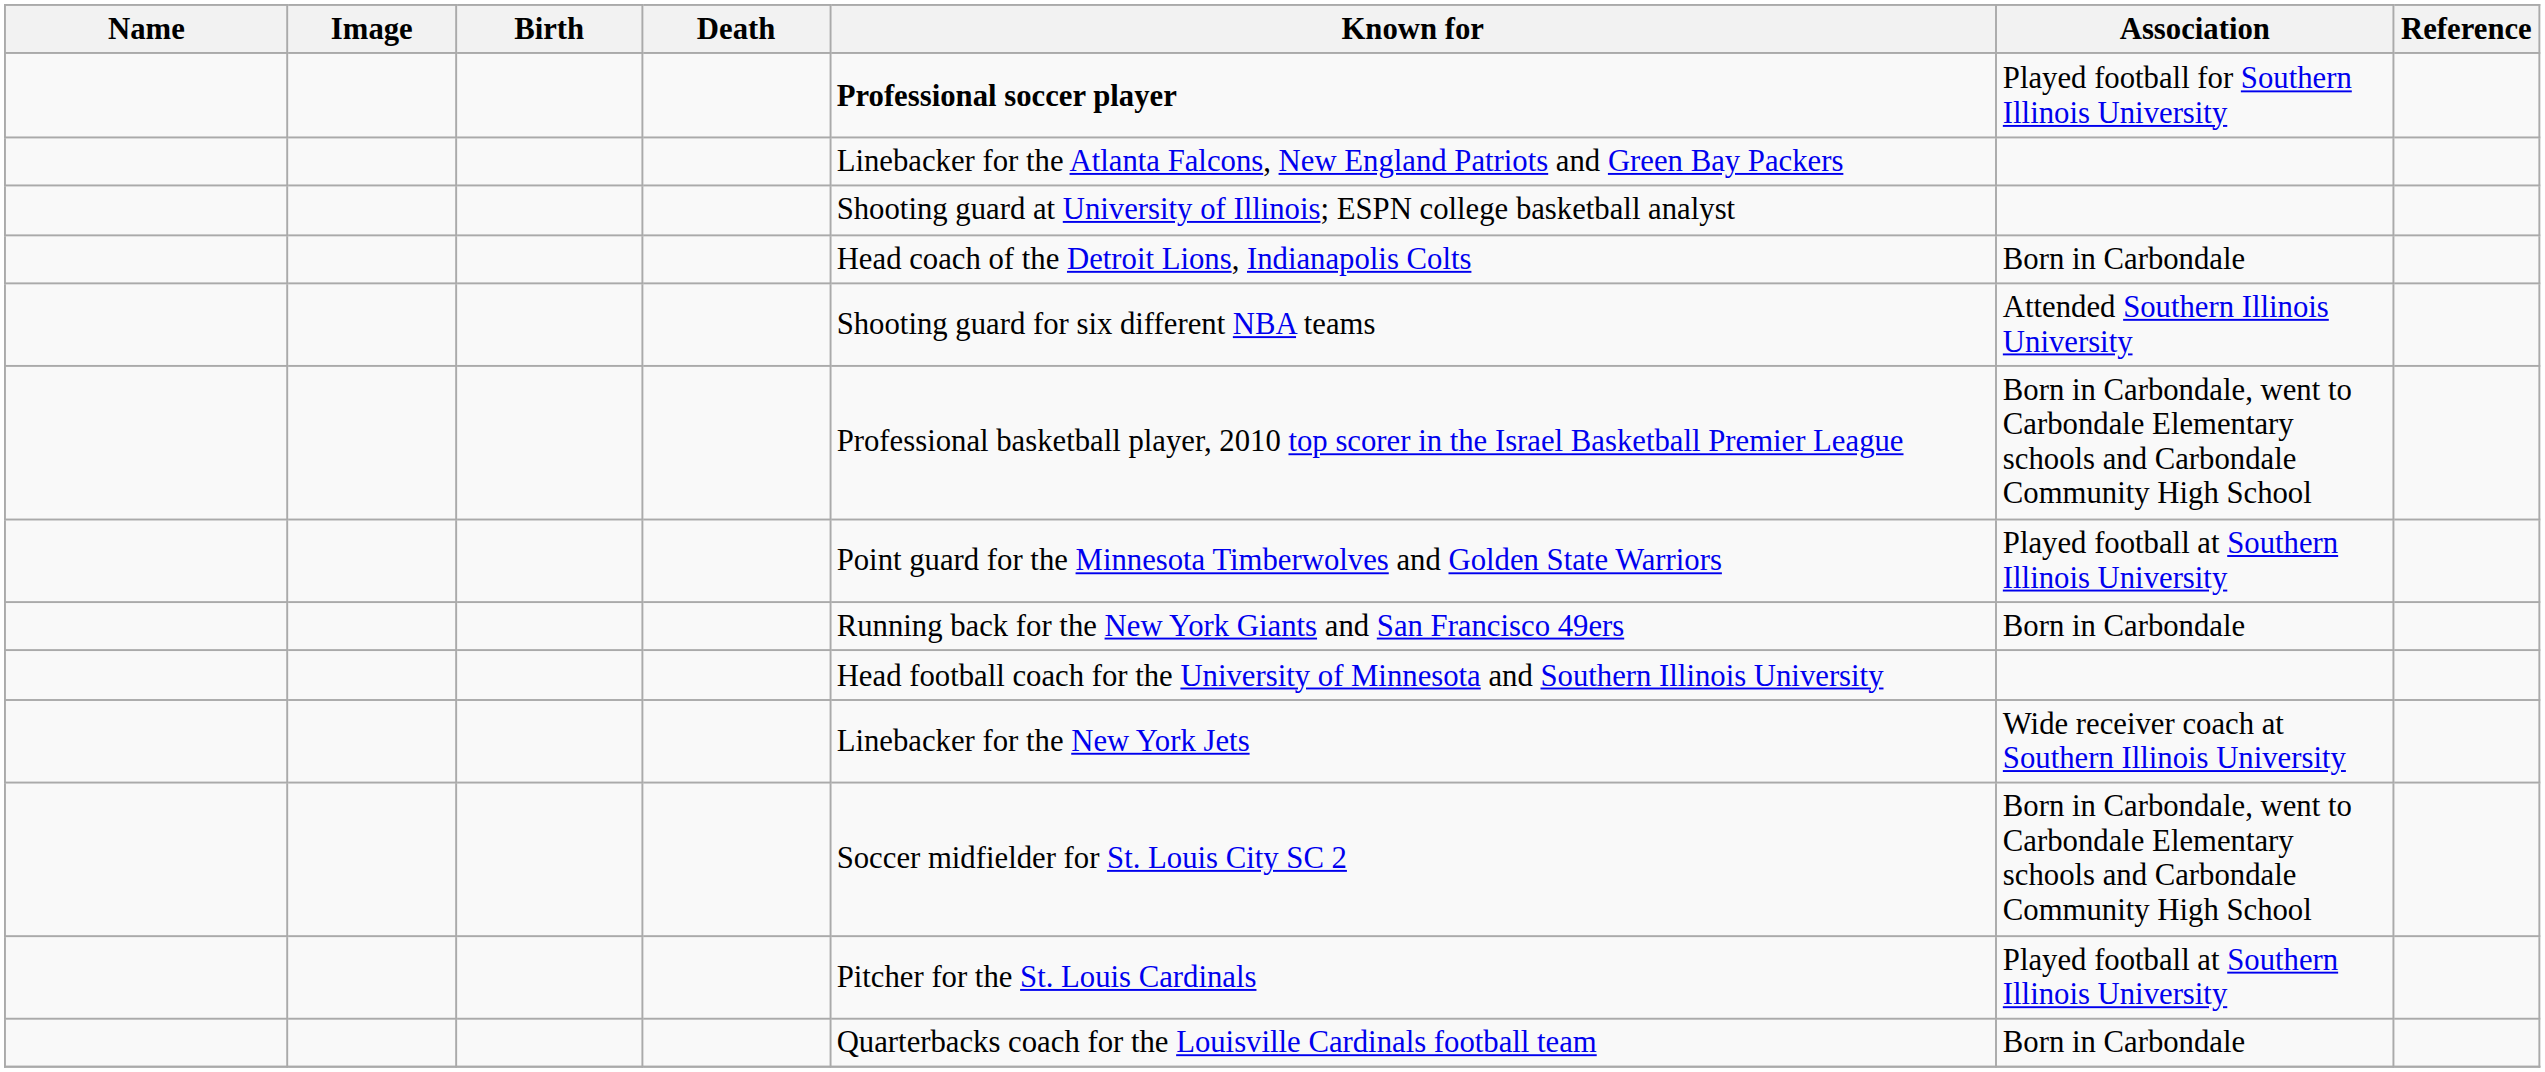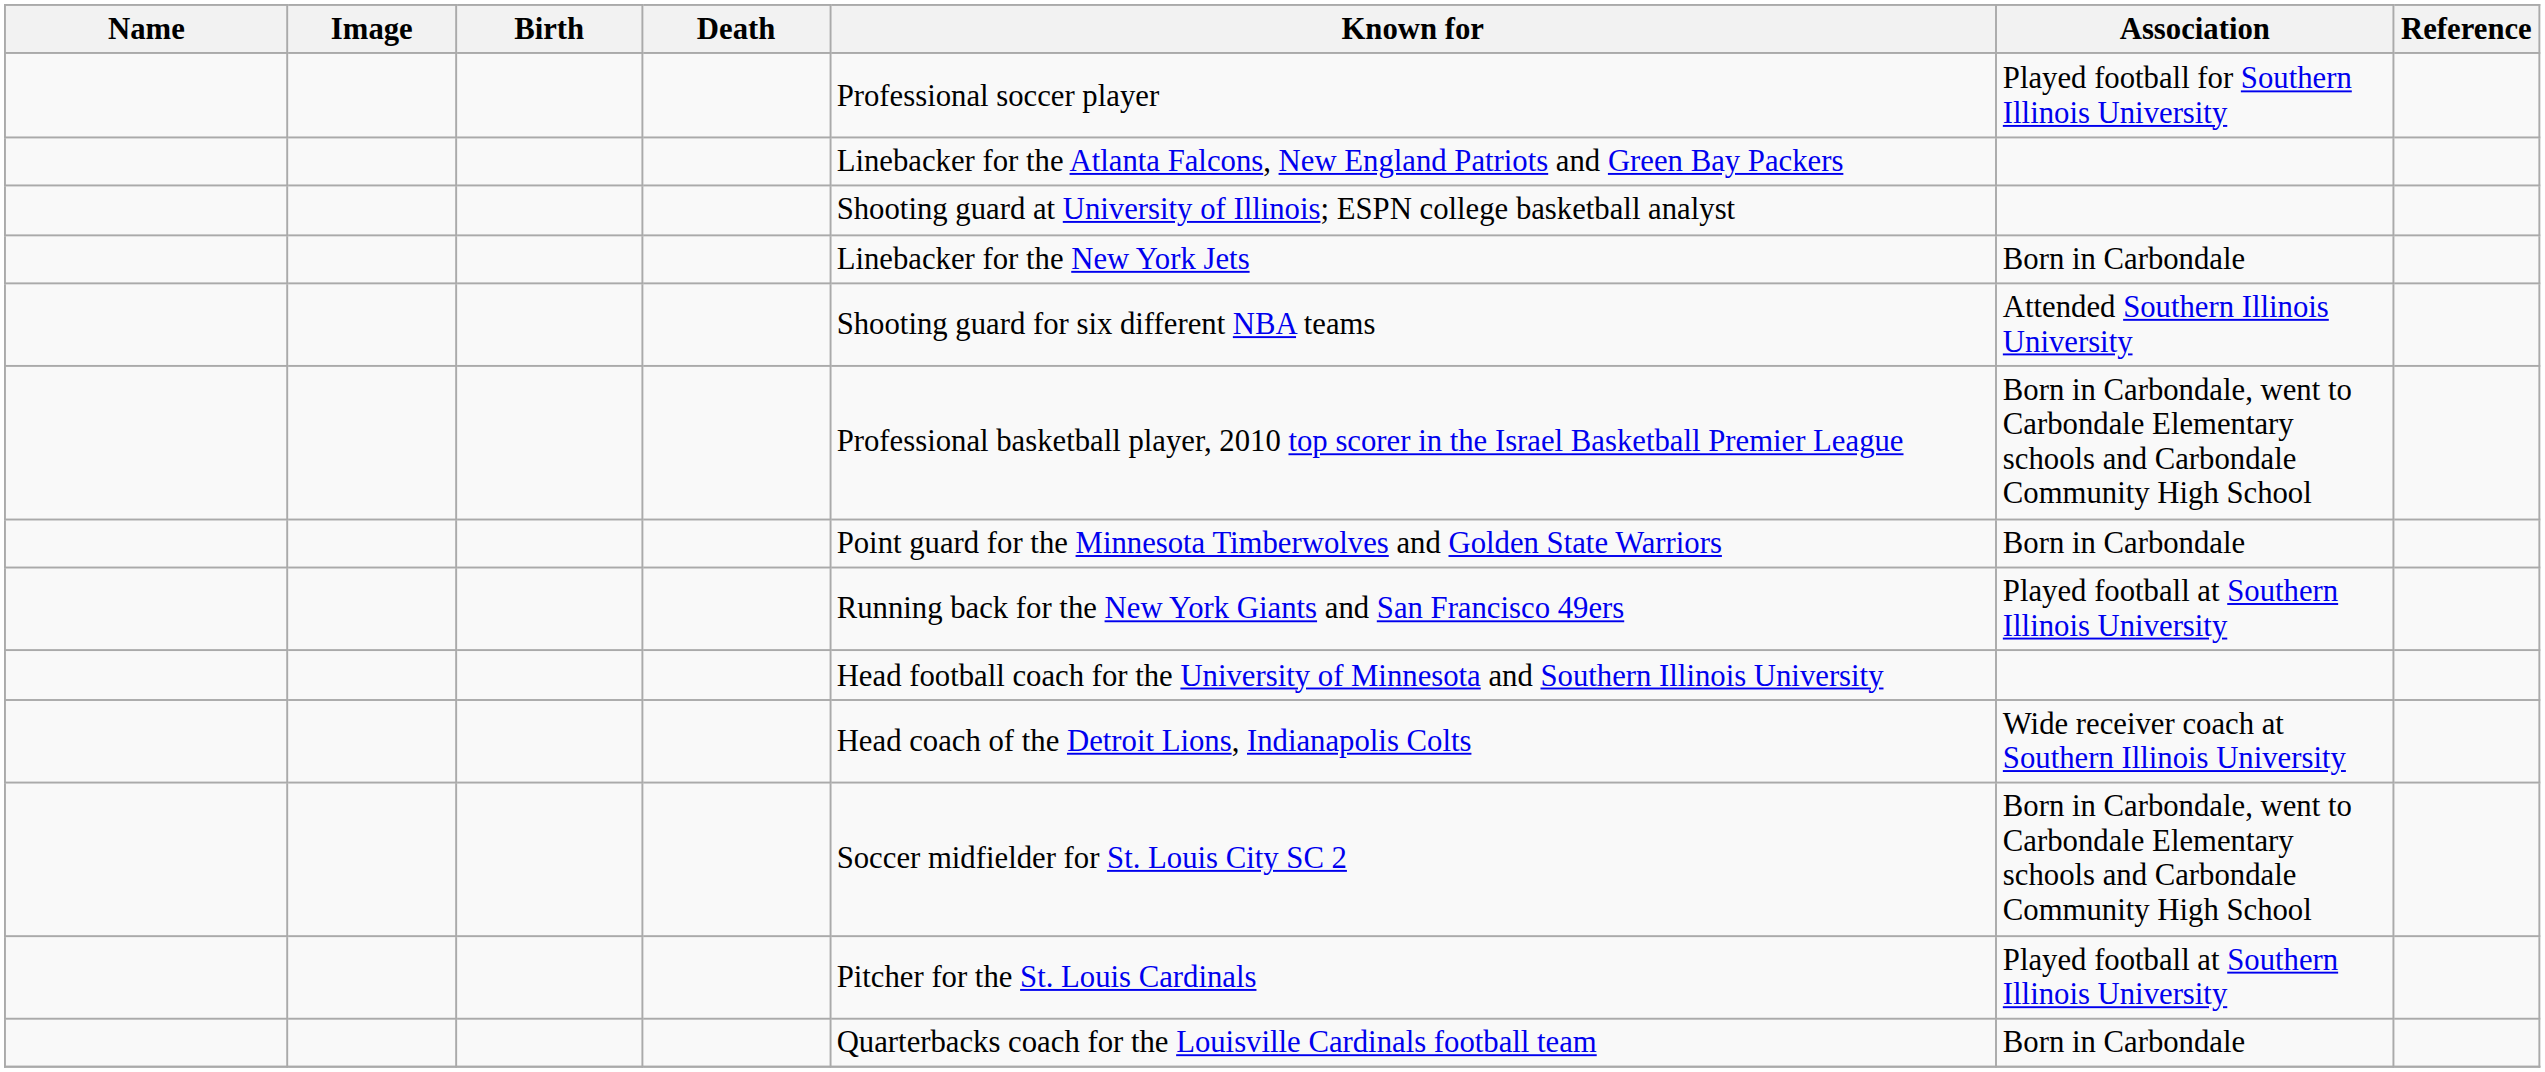 <table class="wikitable sortable">
 <tr>
 <th scope="col" width="140">Name</th>
 <th scope="col" width="80" class="unsortable">Image</th>
 <th scope="col" width="90">Birth</th>
 <th scope="col" width="90">Death</th>
 <th scope="col" width="600" class="unsortable">Known for</th>
 <th scope="col" width="200" class="unsortable">Association</th>
 <th scope="col" width="30" class="unsortable">Reference</th>
 </tr>
 <tr>
 <td></td>
 <td></td>
 <td align=right></td>
 <td></td>
-<td><strong>Professional soccer player</strong></td>
+<td>Professional soccer player</td>
 <td>Played football for <a href='#'>Southern Illinois University</a></td>
 <td></td>
 </tr>
 <tr>
 <td></td>
 <td></td>
 <td align=right></td>
 <td align=right></td>
 <td>Linebacker for the <a href='#'>Atlanta Falcons</a>, <a href='#'>New England Patriots</a> and <a href='#'>Green Bay Packers</a></td>
 <td></td>
 <td align="center"></td>
 </tr>
 <tr>
 <td></td>
 <td></td>
 <td align=right></td>
 <td align=right></td>
 <td>Shooting guard at <a href='#'>University of Illinois</a>; ESPN college basketball analyst</td>
 <td></td>
 <td align="center"></td>
 </tr>
 <tr>
 <td></td>
 <td></td>
 <td align=right></td>
 <td align=right></td>
-<td>Head coach of the <a href='#'>Detroit Lions</a>, <a href='#'>Indianapolis Colts</a></td>
+<td>Linebacker for the <a href='#'>New York Jets</a></td>
 <td>Born in Carbondale</td>
 <td align="center"></td>
 </tr>
 <tr>
 <td></td>
 <td></td>
 <td align=right></td>
 <td align=right></td>
 <td>Shooting guard for six different <a href='#'>NBA</a> teams</td>
 <td>Attended <a href='#'>Southern Illinois University</a></td>
 <td align="center"></td>
 </tr>
 <tr>
 <td></td>
 <td></td>
 <td align=right></td>
 <td align=right></td>
 <td>Professional basketball player, 2010 <a href='#'>top scorer in the Israel Basketball Premier League</a></td>
 <td>Born in Carbondale, went to Carbondale Elementary schools and Carbondale Community High School</td>
 <td align="center"></td>
 </tr>
 <tr>
 <td></td>
 <td></td>
 <td align=right></td>
 <td align=right></td>
 <td>Point guard for the <a href='#'>Minnesota Timberwolves</a> and <a href='#'>Golden State Warriors</a></td>
-<td>Played football at <a href='#'>Southern Illinois University</a></td>
+<td>Born in Carbondale</td>
 <td align="center"></td>
 </tr>
 <tr>
 <td></td>
 <td></td>
 <td align=right></td>
 <td align=right></td>
 <td>Running back for the <a href='#'>New York Giants</a> and <a href='#'>San Francisco 49ers</a></td>
-<td>Born in Carbondale</td>
+<td>Played football at <a href='#'>Southern Illinois University</a></td>
 <td align="center"></td>
 </tr>
 <tr>
 <td></td>
 <td></td>
 <td align=right></td>
 <td align=right></td>
 <td>Head football coach for the <a href='#'>University of Minnesota</a> and <a href='#'>Southern Illinois University</a></td>
 <td></td>
 <td align="center"></td>
 </tr>
 <tr>
 <td></td>
 <td></td>
 <td align=right></td>
 <td align=right></td>
-<td>Linebacker for the <a href='#'>New York Jets</a></td>
+<td>Head coach of the <a href='#'>Detroit Lions</a>, <a href='#'>Indianapolis Colts</a></td>
 <td>Wide receiver coach at <a href='#'>Southern Illinois University</a></td>
 <td align="center"></td>
 </tr>
 <tr>
 <td></td>
 <td></td>
 <td align=right></td>
 <td align=right></td>
 <td>Soccer midfielder for <a href='#'>St. Louis City SC 2</a></td>
 <td>Born in Carbondale, went to Carbondale Elementary schools and Carbondale Community High School</td>
 <td align="center"></td>
 </tr>
 <tr>
 <td></td>
 <td></td>
 <td align=right></td>
 <td align=right></td>
 <td>Pitcher for the <a href='#'>St. Louis Cardinals</a></td>
 <td>Played football at <a href='#'>Southern Illinois University</a></td>
 <td align="center"></td>
 </tr>
 <tr>
 <td></td>
 <td></td>
 <td align=right></td>
 <td align=right></td>
 <td>Quarterbacks coach for the <a href='#'>Louisville Cardinals football team</a></td>
 <td>Born in Carbondale</td>
 <td align="center"></td>
 </tr>
 <tr>
 </tr>
 </table>
